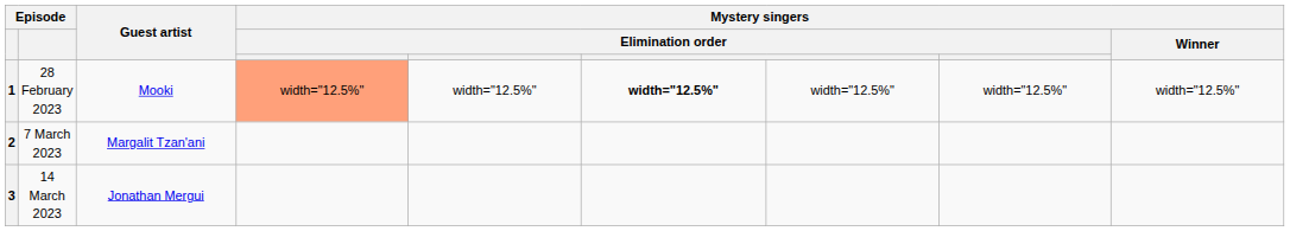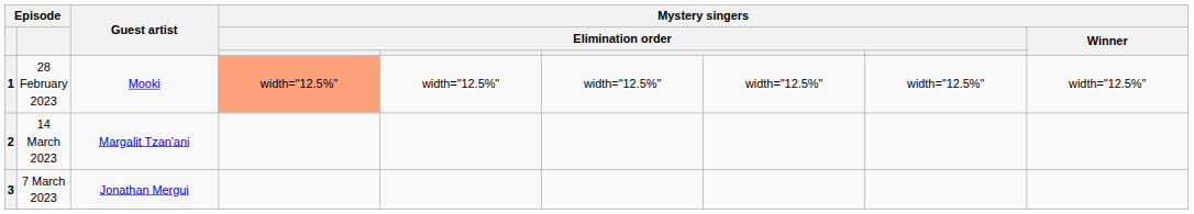 <table class="wikitable plainrowheaders mw-collapsible" style="text-align:center; line-height:23px; width:100%;">
 <tr>
 <th colspan="2" width="1%">Episode</th>
 <th rowspan="3" width="12.5%">Guest artist</th>
 <th colspan="6">Mystery singers<br></th>
 </tr>
 <tr>
 <th rowspan="2"></th>
 <th rowspan="2"></th>
 <th colspan="5">Elimination order</th>
 <th rowspan="2">Winner</th>
 </tr>
 <tr>
 <th></th>
 <th></th>
 <th colspan="2"></th>
 <th></th>
 </tr>
 <tr>
 <th>1</th>
 <td>28 February 2023</td>
 <td><a href='#'>Mooki</a></td>
 <td style="background: lightsalmon;">width="12.5%" </td>
 <td>width="12.5%" </td>
-<td><strong>width="12.5%" </strong></td>
+<td>width="12.5%" </td>
 <td>width="12.5%" </td>
 <td>width="12.5%" </td>
 <td>width="12.5%" </td>
 </tr>
 <tr>
 <th>2</th>
-<td>7 March 2023</td>
+<td>14 March 2023</td>
 <td><a href='#'>Margalit Tzan'ani</a><br></td>
 <td></td>
 <td></td>
 <td></td>
 <td></td>
 <td></td>
 <td></td>
 </tr>
 <tr>
 <th>3</th>
-<td>14 March 2023</td>
+<td>7 March 2023</td>
 <td><a href='#'>Jonathan Mergui</a><br></td>
 <td></td>
 <td></td>
 <td></td>
 <td></td>
 <td></td>
 <td></td>
 </tr>
 </table>
